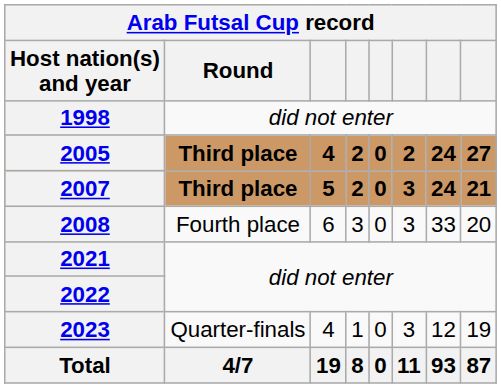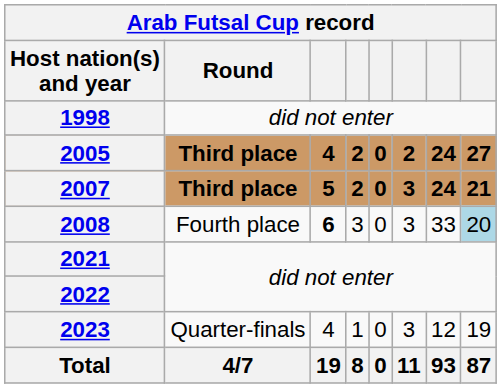 <table class="wikitable" style="font-size:90%; text-align:center;">
 <tr>
 <th colspan="8"><a href='#'>Arab Futsal Cup</a> record</th>
 </tr>
 <tr>
 <th scope="col">Host nation(s)<br>and year</th>
 <th scope="col">Round</th>
 <th scope="col"></th>
 <th scope="col"></th>
 <th scope="col"></th>
 <th scope="col"></th>
 <th scope="col"></th>
 <th scope="col"></th>
 </tr>
 <tr>
 <th scope="row"> <a href='#'>1998</a></th>
 <td colspan="7"><em>did not enter</em></td>
 </tr>
 <tr bgcolor="#cc9966">
 <th scope="row"> <a href='#'>2005</a></th>
 <td><strong>Third place</strong></td>
 <td><strong>4</strong></td>
 <td><strong>2</strong></td>
 <td><strong>0</strong></td>
 <td><strong>2</strong></td>
 <td><strong>24</strong></td>
 <td><strong>27</strong></td>
 </tr>
 <tr bgcolor="#cc9966">
 <th scope="row"> <a href='#'>2007</a></th>
 <td><strong>Third place</strong></td>
 <td><strong>5</strong></td>
 <td><strong>2</strong></td>
 <td><strong>0</strong></td>
 <td><strong>3</strong></td>
 <td><strong>24</strong></td>
 <td><strong>21</strong></td>
 </tr>
 <tr>
 <th scope="row"> <a href='#'>2008</a></th>
 <td>Fourth place</td>
-<td>6</td>
+<td><strong>6</strong></td>
 <td>3</td>
 <td>0</td>
 <td>3</td>
 <td>33</td>
-<td>20</td>
+<td style="background: lightblue;">20</td>
 </tr>
 <tr>
 <th> <a href='#'>2021</a></th>
 <td colspan="7" rowspan="2"><em>did not enter</em></td>
 </tr>
 <tr>
 <th> <a href='#'>2022</a></th>
 </tr>
 <tr>
 <th scope="row"> <a href='#'>2023</a></th>
 <td>Quarter-finals</td>
 <td>4</td>
 <td>1</td>
 <td>0</td>
 <td>3</td>
 <td>12</td>
 <td>19</td>
 </tr>
 <tr>
 <th><strong>Total</strong></th>
 <th>4/7</th>
 <th>19</th>
 <th>8</th>
 <th>0</th>
 <th>11</th>
 <th>93</th>
 <th>87</th>
 </tr>
 </table>
